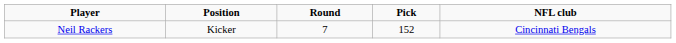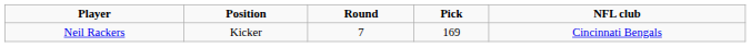 <table class="wikitable" width="80%">
 <tr align="center">
 <td><strong>Player</strong></td>
 <td><strong>Position</strong></td>
 <td><strong>Round</strong></td>
 <td><strong>Pick</strong></td>
 <td><strong>NFL club</strong></td>
 </tr>
 <tr align="center" bgcolor="">
 <td><a href='#'>Neil Rackers</a></td>
 <td>Kicker</td>
 <td>7</td>
-<td>152</td>
+<td>169</td>
 <td><a href='#'>Cincinnati Bengals</a></td>
 </tr>
 </table>
